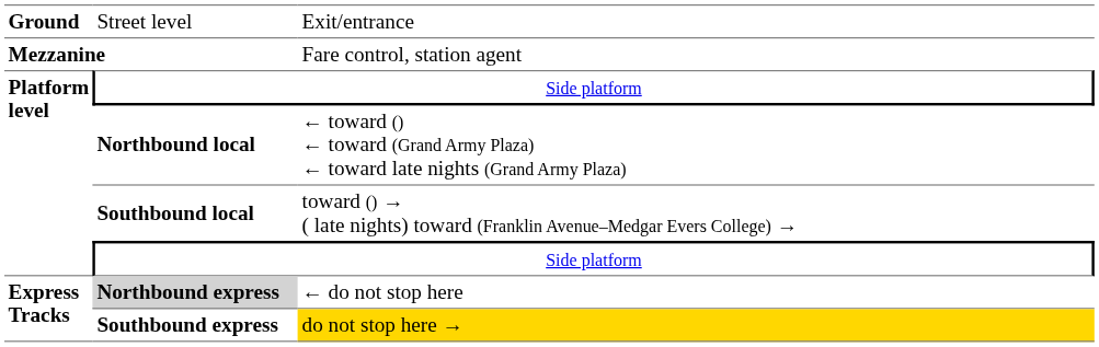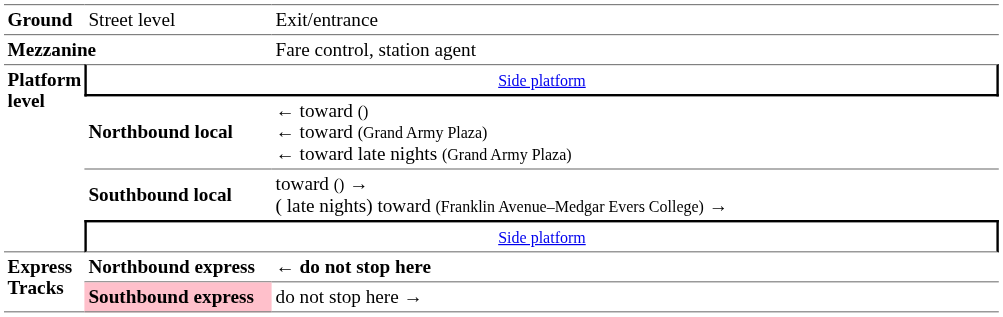 <table border=0 cellspacing=0 cellpadding=3>
 <tr>
 <td style="border-top:solid 1px gray;" width=50><strong>Ground</strong></td>
 <td style="border-top:solid 1px gray;" width=150>Street level</td>
 <td style="border-top:solid 1px gray;" width=600>Exit/entrance</td>
 </tr>
 <tr>
 <td colspan="2" style="border-top:solid 1px gray;"><strong>Mezzanine</strong></td>
 <td style="border-top:solid 1px gray;">Fare control, station agent<br></td>
 </tr>
 <tr>
 <td style="border-top:solid 1px gray;border-bottom:solid 1px gray;" rowspan=4 valign=top><strong>Platform level</strong></td>
 <td style="border-top:solid 1px gray;border-right:solid 2px black;border-left:solid 2px black;border-bottom:solid 2px black;text-align:center;" colspan=2><small><a href='#'>Side platform</a> </small></td>
 </tr>
 <tr>
 <td style="border-bottom:solid 1px gray;"><span><strong>Northbound local</strong></span></td>
 <td style="border-bottom:solid 1px gray;">←  toward  <small>()</small><br>←  toward  <small>(Grand Army Plaza)</small><br>←  toward  late nights <small>(Grand Army Plaza)</small></td>
 </tr>
 <tr>
 <td><span><strong>Southbound local</strong></span></td>
 <td>  toward  <small>()</small> →<br>  ( late nights) toward  <small>(Franklin Avenue–Medgar Evers College)</small> →</td>
 </tr>
 <tr>
 <td style="border-bottom:solid 1px gray;border-top:solid 2px black;border-right:solid 2px black;border-left:solid 2px black;text-align:center;" colspan=2><small><a href='#'>Side platform</a> </small></td>
 </tr>
 <tr>
 <td style="border-bottom:solid 1px gray;" rowspan=2 valign=top><strong>Express Tracks</strong></td>
-<td style="background: lightgrey; border-bottom:solid 1px gray;"><span><strong>Northbound express</strong></span></td>
-<td style="border-bottom:solid 1px gray;">←  do not stop here</td>
+<td style="border-bottom:solid 1px gray;"><span><strong>Northbound express</strong></span></td>
+<td style="border-bottom:solid 1px gray;"><strong>←  do not stop here</strong></td>
 </tr>
 <tr>
-<td style="border-bottom:solid 1px gray;"><span><strong>Southbound express</strong></span></td>
-<td style="background: gold; border-bottom:solid 1px gray;">  do not stop here →</td>
+<td style="background: pink; border-bottom:solid 1px gray;"><span><strong>Southbound express</strong></span></td>
+<td style="border-bottom:solid 1px gray;">  do not stop here →</td>
 </tr>
 </table>
